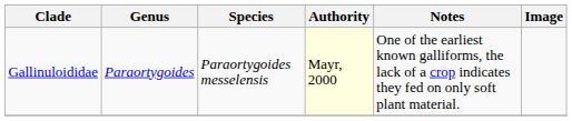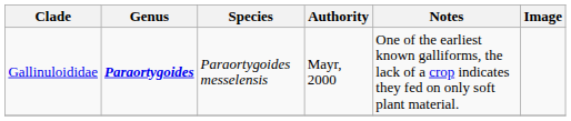 <table class="wikitable" align="center" width="100%">
 <tr>
 <th>Clade</th>
 <th>Genus</th>
 <th>Species</th>
 <th>Authority</th>
 <th>Notes</th>
 <th>Image</th>
 </tr>
 <tr>
 <td><a href='#'>Gallinuloididae</a></td>
-<td><em><a href='#'>Paraortygoides</a></em></td>
+<td><strong><em><a href='#'>Paraortygoides</a></em></strong></td>
 <td><em>Paraortygoides messelensis</em></td>
-<td style="background: lightyellow;">Mayr, 2000</td>
+<td>Mayr, 2000</td>
 <td>One of the earliest known galliforms, the lack of a <a href='#'>crop</a> indicates they fed on only soft plant material.</td>
 <td></td>
 </tr>
 <tr>
 </tr>
 </table>
